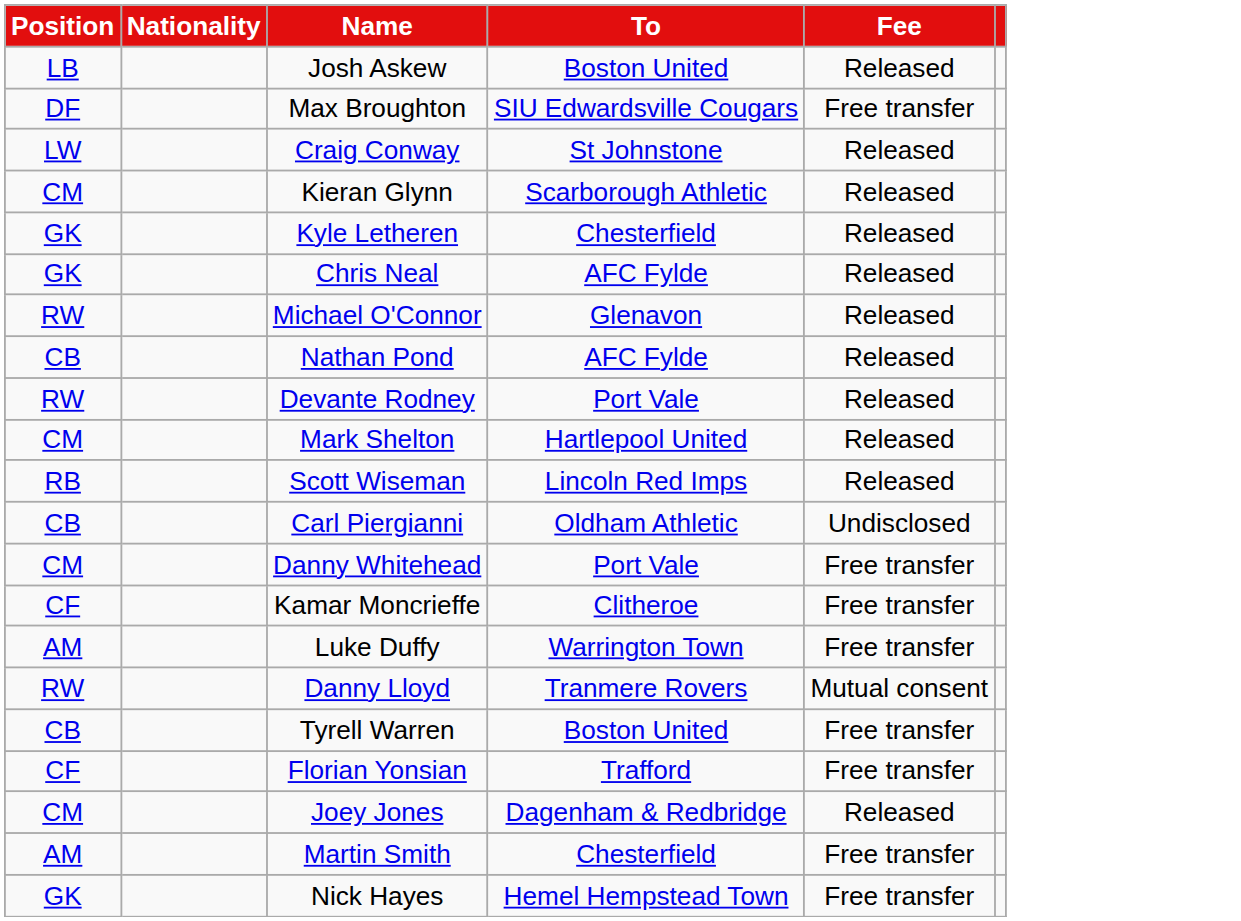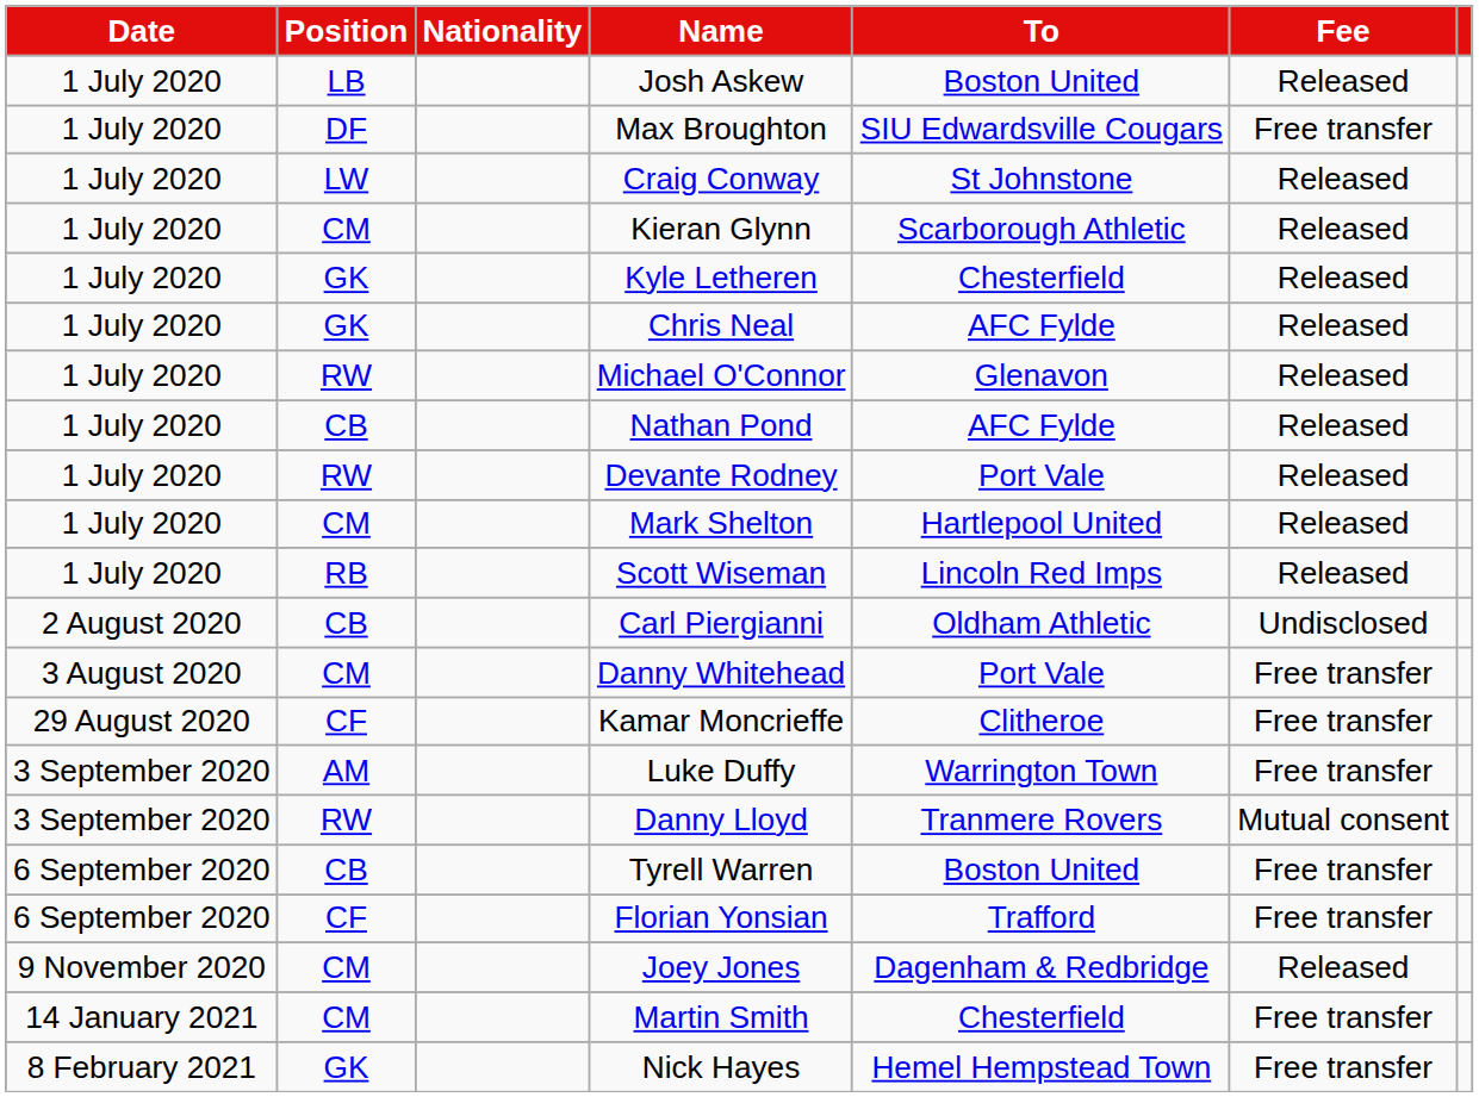 <table class="wikitable"  style="text-align:center; font-size:90%; ">
 <tr>
+<th style="background:#e20e0e; color:white; ">Date</th>
 <th style="background:#e20e0e; color:white; ">Position</th>
 <th style="background:#e20e0e; color:white; ">Nationality</th>
 <th style="background:#e20e0e; color:white; ">Name</th>
 <th style="background:#e20e0e; color:white; ">To</th>
 <th style="background:#e20e0e; color:white; ">Fee</th>
 <th style="background:#e20e0e; color:white; "></th>
 </tr>
 <tr>
+<td>1 July 2020</td>
 <td><a href='#'>LB</a></td>
 <td></td>
 <td>Josh Askew</td>
 <td> <a href='#'>Boston United</a></td>
 <td>Released</td>
 <td></td>
 </tr>
 <tr>
+<td>1 July 2020</td>
 <td><a href='#'>DF</a></td>
 <td></td>
 <td>Max Broughton</td>
 <td> <a href='#'>SIU Edwardsville Cougars</a></td>
 <td>Free transfer</td>
 <td></td>
 </tr>
 <tr>
+<td>1 July 2020</td>
 <td><a href='#'>LW</a></td>
 <td></td>
 <td><a href='#'>Craig Conway</a></td>
 <td> <a href='#'>St Johnstone</a></td>
 <td>Released</td>
 <td></td>
 </tr>
 <tr>
+<td>1 July 2020</td>
 <td><a href='#'>CM</a></td>
 <td></td>
 <td>Kieran Glynn</td>
 <td> <a href='#'>Scarborough Athletic</a></td>
 <td>Released</td>
 <td></td>
 </tr>
 <tr>
+<td>1 July 2020</td>
 <td><a href='#'>GK</a></td>
 <td></td>
 <td><a href='#'>Kyle Letheren</a></td>
 <td> <a href='#'>Chesterfield</a></td>
 <td>Released</td>
 <td></td>
 </tr>
 <tr>
+<td>1 July 2020</td>
 <td><a href='#'>GK</a></td>
 <td></td>
 <td><a href='#'>Chris Neal</a></td>
 <td> <a href='#'>AFC Fylde</a></td>
 <td>Released</td>
 <td></td>
 </tr>
 <tr>
+<td>1 July 2020</td>
 <td><a href='#'>RW</a></td>
 <td></td>
 <td><a href='#'>Michael O'Connor</a></td>
 <td> <a href='#'>Glenavon</a></td>
 <td>Released</td>
 <td></td>
 </tr>
 <tr>
+<td>1 July 2020</td>
 <td><a href='#'>CB</a></td>
 <td></td>
 <td><a href='#'>Nathan Pond</a></td>
 <td> <a href='#'>AFC Fylde</a></td>
 <td>Released</td>
 <td></td>
 </tr>
 <tr>
+<td>1 July 2020</td>
 <td><a href='#'>RW</a></td>
 <td></td>
 <td><a href='#'>Devante Rodney</a></td>
 <td> <a href='#'>Port Vale</a></td>
 <td>Released</td>
 <td></td>
 </tr>
 <tr>
+<td>1 July 2020</td>
 <td><a href='#'>CM</a></td>
 <td></td>
 <td><a href='#'>Mark Shelton</a></td>
 <td> <a href='#'>Hartlepool United</a></td>
 <td>Released</td>
 <td></td>
 </tr>
 <tr>
+<td>1 July 2020</td>
 <td><a href='#'>RB</a></td>
 <td></td>
 <td><a href='#'>Scott Wiseman</a></td>
 <td> <a href='#'>Lincoln Red Imps</a></td>
 <td>Released</td>
 <td></td>
 </tr>
 <tr>
+<td>2 August 2020</td>
 <td><a href='#'>CB</a></td>
 <td></td>
 <td><a href='#'>Carl Piergianni</a></td>
 <td> <a href='#'>Oldham Athletic</a></td>
 <td>Undisclosed</td>
 <td></td>
 </tr>
 <tr>
+<td>3 August 2020</td>
 <td><a href='#'>CM</a></td>
 <td></td>
 <td><a href='#'>Danny Whitehead</a></td>
 <td> <a href='#'>Port Vale</a></td>
 <td>Free transfer</td>
 <td></td>
 </tr>
 <tr>
+<td>29 August 2020</td>
 <td><a href='#'>CF</a></td>
 <td></td>
 <td>Kamar Moncrieffe</td>
 <td> <a href='#'>Clitheroe</a></td>
 <td>Free transfer</td>
 <td></td>
 </tr>
 <tr>
+<td>3 September 2020</td>
 <td><a href='#'>AM</a></td>
 <td></td>
 <td>Luke Duffy</td>
 <td> <a href='#'>Warrington Town</a></td>
 <td>Free transfer</td>
 <td></td>
 </tr>
 <tr>
+<td>3 September 2020</td>
 <td><a href='#'>RW</a></td>
 <td></td>
 <td><a href='#'>Danny Lloyd</a></td>
 <td> <a href='#'>Tranmere Rovers</a></td>
 <td>Mutual consent</td>
 <td></td>
 </tr>
 <tr>
+<td>6 September 2020</td>
 <td><a href='#'>CB</a></td>
 <td></td>
 <td>Tyrell Warren</td>
 <td> <a href='#'>Boston United</a></td>
 <td>Free transfer</td>
 <td></td>
 </tr>
 <tr>
+<td>6 September 2020</td>
 <td><a href='#'>CF</a></td>
 <td></td>
 <td><a href='#'>Florian Yonsian</a></td>
 <td> <a href='#'>Trafford</a></td>
 <td>Free transfer</td>
 <td></td>
 </tr>
 <tr>
+<td>9 November 2020</td>
 <td><a href='#'>CM</a></td>
 <td></td>
 <td><a href='#'>Joey Jones</a></td>
 <td> <a href='#'>Dagenham & Redbridge</a></td>
 <td>Released</td>
 <td></td>
 </tr>
 <tr>
-<td><a href='#'>AM</a></td>
+<td>14 January 2021</td>
+<td><a href='#'>CM</a></td>
 <td></td>
 <td><a href='#'>Martin Smith</a></td>
 <td> <a href='#'>Chesterfield</a></td>
 <td>Free transfer</td>
 <td></td>
 </tr>
 <tr>
+<td>8 February 2021</td>
 <td><a href='#'>GK</a></td>
 <td></td>
 <td>Nick Hayes</td>
 <td> <a href='#'>Hemel Hempstead Town</a></td>
 <td>Free transfer</td>
 <td></td>
 </tr>
 </table>
